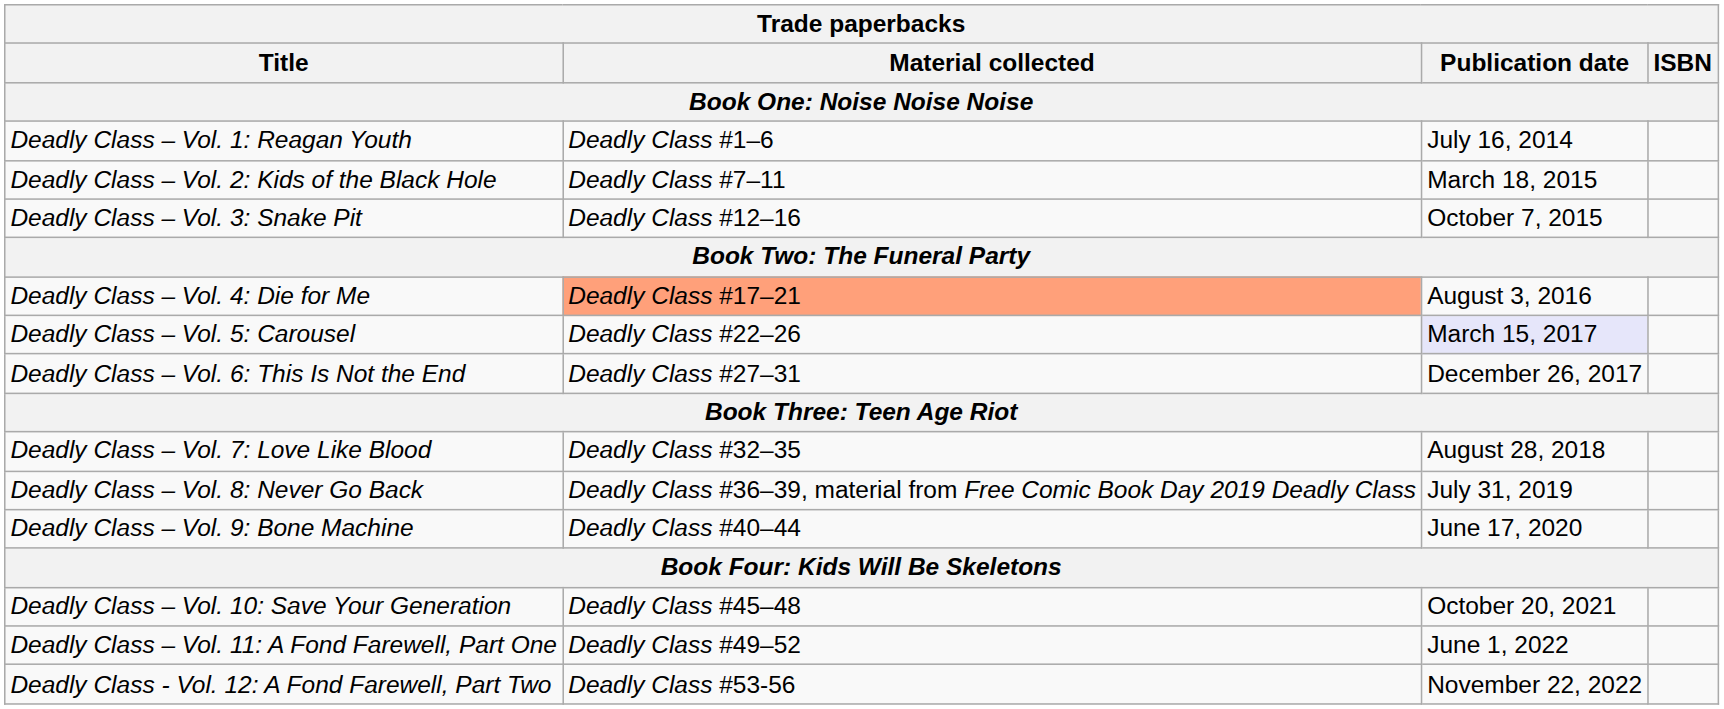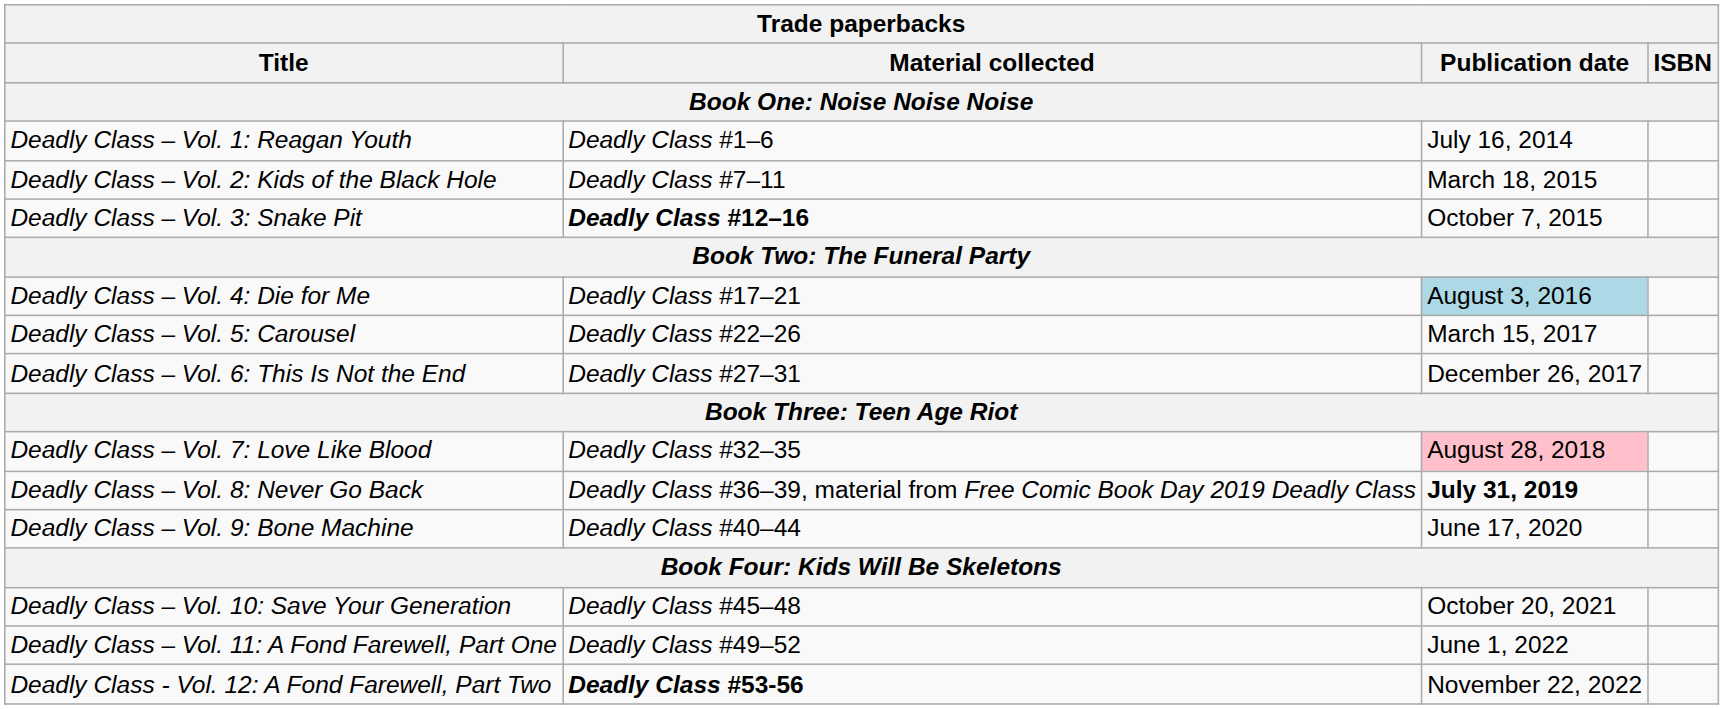 <table class="wikitable">
 <tr>
 <th colspan="4">Trade paperbacks</th>
 </tr>
 <tr>
 <th>Title</th>
 <th>Material collected</th>
 <th>Publication date</th>
 <th>ISBN</th>
 </tr>
 <tr>
 <th colspan="4"><em>Book One: Noise Noise Noise</em></th>
 </tr>
 <tr>
 <td><em>Deadly Class – Vol. 1: Reagan Youth</em></td>
 <td><em>Deadly Class</em> #1–6</td>
 <td>July 16, 2014</td>
 <td></td>
 </tr>
 <tr>
 <td><em>Deadly Class – Vol. 2: Kids of the Black Hole</em></td>
 <td><em>Deadly Class</em> #7–11</td>
 <td>March 18, 2015</td>
 <td></td>
 </tr>
 <tr>
 <td><em>Deadly Class – Vol. 3: Snake Pit</em></td>
-<td><em>Deadly Class</em> #12–16</td>
+<td><strong><em>Deadly Class</em> #12–16</strong></td>
 <td>October 7, 2015</td>
 <td></td>
 </tr>
 <tr>
 <th colspan="4"><em>Book Two: The Funeral Party</em></th>
 </tr>
 <tr>
 <td><em>Deadly Class – Vol. 4: Die for Me</em></td>
-<td style="background: lightsalmon;"><em>Deadly Class</em> #17–21</td>
-<td>August 3, 2016</td>
+<td><em>Deadly Class</em> #17–21</td>
+<td style="background: lightblue;">August 3, 2016</td>
 <td></td>
 </tr>
 <tr>
 <td><em>Deadly Class – Vol. 5: Carousel</em></td>
 <td><em>Deadly Class</em> #22–26</td>
-<td style="background: lavender;">March 15, 2017</td>
+<td>March 15, 2017</td>
 <td></td>
 </tr>
 <tr>
 <td><em>Deadly Class – Vol. 6: This Is Not the End</em></td>
 <td><em>Deadly Class</em> #27–31</td>
 <td>December 26, 2017</td>
 <td></td>
 </tr>
 <tr>
 <th colspan="4"><em>Book Three: Teen Age Riot</em></th>
 </tr>
 <tr>
 <td><em>Deadly Class – Vol. 7: Love Like Blood</em></td>
 <td><em>Deadly Class</em> #32–35</td>
-<td>August 28, 2018</td>
+<td style="background: pink;">August 28, 2018</td>
 <td></td>
 </tr>
 <tr>
 <td><em>Deadly Class – Vol. 8: Never Go Back</em></td>
 <td><em>Deadly Class</em> #36–39, material from <em>Free Comic Book Day 2019 Deadly Class</em></td>
-<td>July 31, 2019</td>
+<td><strong>July 31, 2019</strong></td>
 <td></td>
 </tr>
 <tr>
 <td><em>Deadly Class – Vol. 9: Bone Machine</em></td>
 <td><em>Deadly Class</em> #40–44</td>
 <td>June 17, 2020</td>
 <td></td>
 </tr>
 <tr>
 <th colspan="4"><em>Book Four: Kids Will Be Skeletons</em></th>
 </tr>
 <tr>
 <td><em>Deadly Class – Vol. 10: Save Your Generation</em></td>
 <td><em>Deadly Class</em> #45–48</td>
 <td>October 20, 2021</td>
 <td></td>
 </tr>
 <tr>
 <td><em>Deadly Class – Vol. 11: A Fond Farewell, Part One</em></td>
 <td><em>Deadly Class</em> #49–52</td>
 <td>June 1, 2022</td>
 <td></td>
 </tr>
 <tr>
 <td><em>Deadly Class - Vol. 12: A Fond Farewell, Part Two</em></td>
-<td><em>Deadly Class</em> #53-56</td>
+<td><strong><em>Deadly Class</em> #53-56</strong></td>
 <td>November 22, 2022</td>
 <td></td>
 </tr>
 </table>
